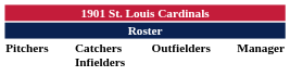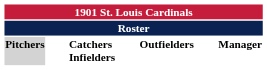 <table class="toccolours" style="font-size: 95%;">
 <tr>
 <th colspan="10" style="background-color: #C41C3A; color: white; text-align: center;">1901 St. Louis Cardinals</th>
 </tr>
 <tr>
 <td colspan="10" style="background-color: #0a2252; color: white; text-align: center;"><strong>Roster</strong></td>
 </tr>
 <tr>
-<td valign="top"><strong>Pitchers</strong><br>           </td>
+<td valign="top" style="background: lightgrey;"><strong>Pitchers</strong><br>           </td>
 <td width="25px"></td>
 <td valign="top"><strong>Catchers</strong><br>    <strong>Infielders</strong>      </td>
 <td width="25px"></td>
 <td valign="top"><strong>Outfielders</strong><br>  </td>
 <td width="25px"></td>
 <td valign="top"><strong>Manager</strong><br></td>
 </tr>
 </table>
